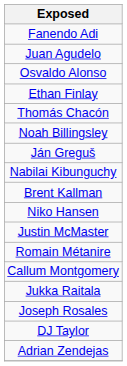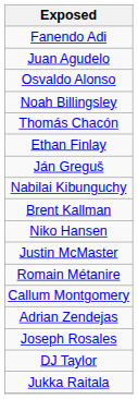 <table class="wikitable" style="text-align:center">
 <tr>
 <th>Exposed</th>
 </tr>
 <tr>
 <td><a href='#'>Fanendo Adi</a></td>
 </tr>
 <tr>
 <td><a href='#'>Juan Agudelo</a></td>
 </tr>
 <tr>
 <td><a href='#'>Osvaldo Alonso</a></td>
 </tr>
 <tr>
-<td><a href='#'>Ethan Finlay</a></td>
+<td><a href='#'>Noah Billingsley</a></td>
 </tr>
 <tr>
 <td><a href='#'>Thomás Chacón</a></td>
 </tr>
 <tr>
-<td><a href='#'>Noah Billingsley</a></td>
+<td><a href='#'>Ethan Finlay</a></td>
 </tr>
 <tr>
 <td><a href='#'>Ján Greguš</a></td>
 </tr>
 <tr>
 <td><a href='#'>Nabilai Kibunguchy</a></td>
 </tr>
 <tr>
 <td><a href='#'>Brent Kallman</a></td>
 </tr>
 <tr>
 <td><a href='#'>Niko Hansen</a></td>
 </tr>
 <tr>
 <td><a href='#'>Justin McMaster</a></td>
 </tr>
 <tr>
 <td><a href='#'>Romain Métanire</a></td>
 </tr>
 <tr>
 <td><a href='#'>Callum Montgomery</a></td>
 </tr>
 <tr>
-<td><a href='#'>Jukka Raitala</a></td>
+<td><a href='#'>Adrian Zendejas</a></td>
 </tr>
 <tr>
 <td><a href='#'>Joseph Rosales</a></td>
 </tr>
 <tr>
 <td><a href='#'>DJ Taylor</a></td>
 </tr>
 <tr>
-<td><a href='#'>Adrian Zendejas</a></td>
+<td><a href='#'>Jukka Raitala</a></td>
 </tr>
 <tr>
 </tr>
 </table>
